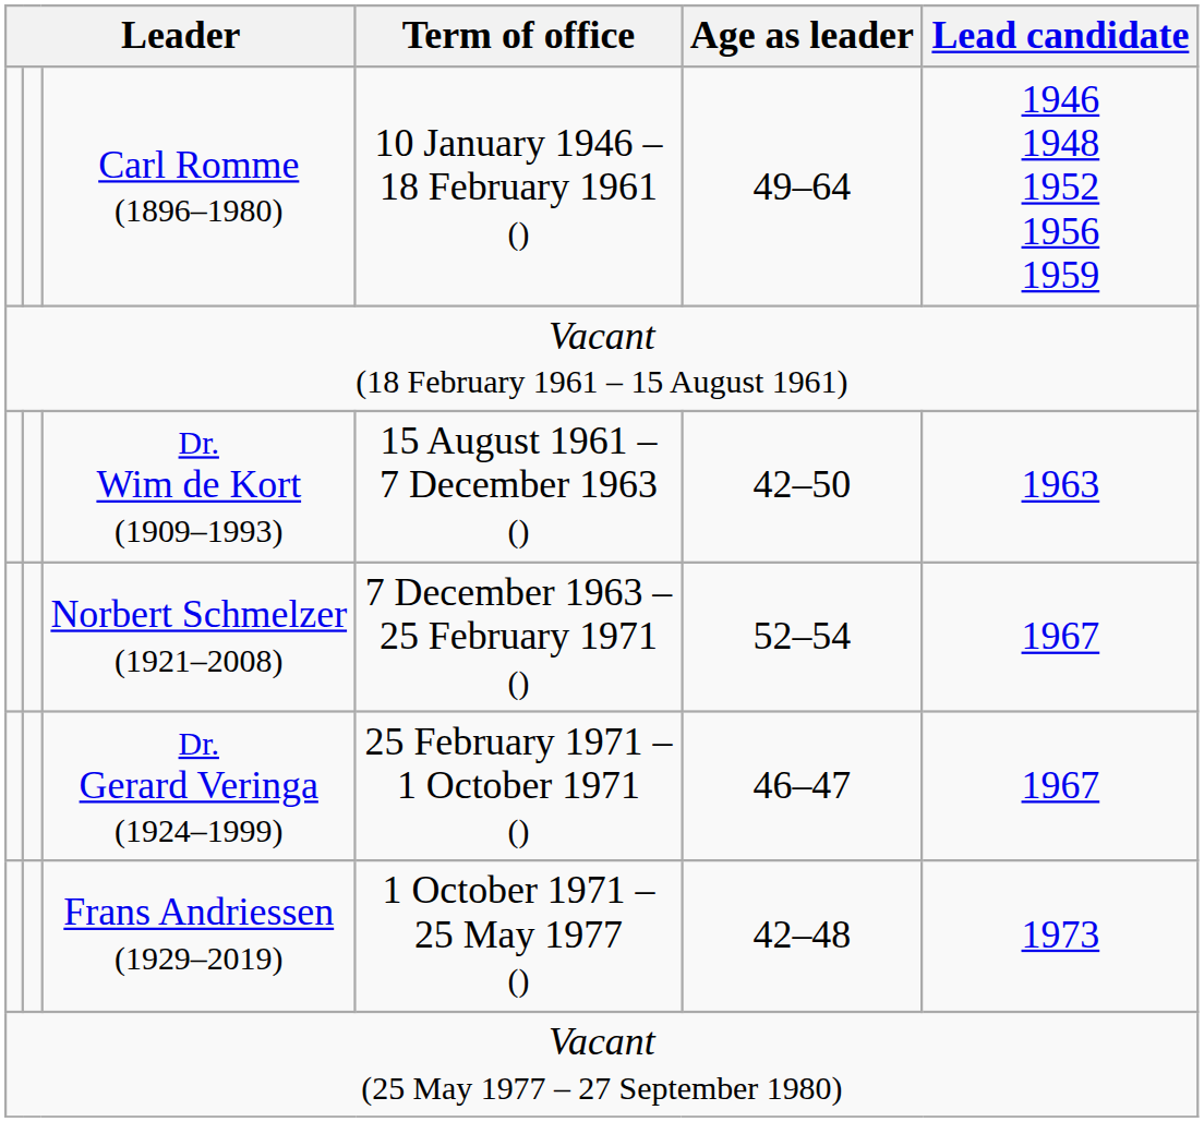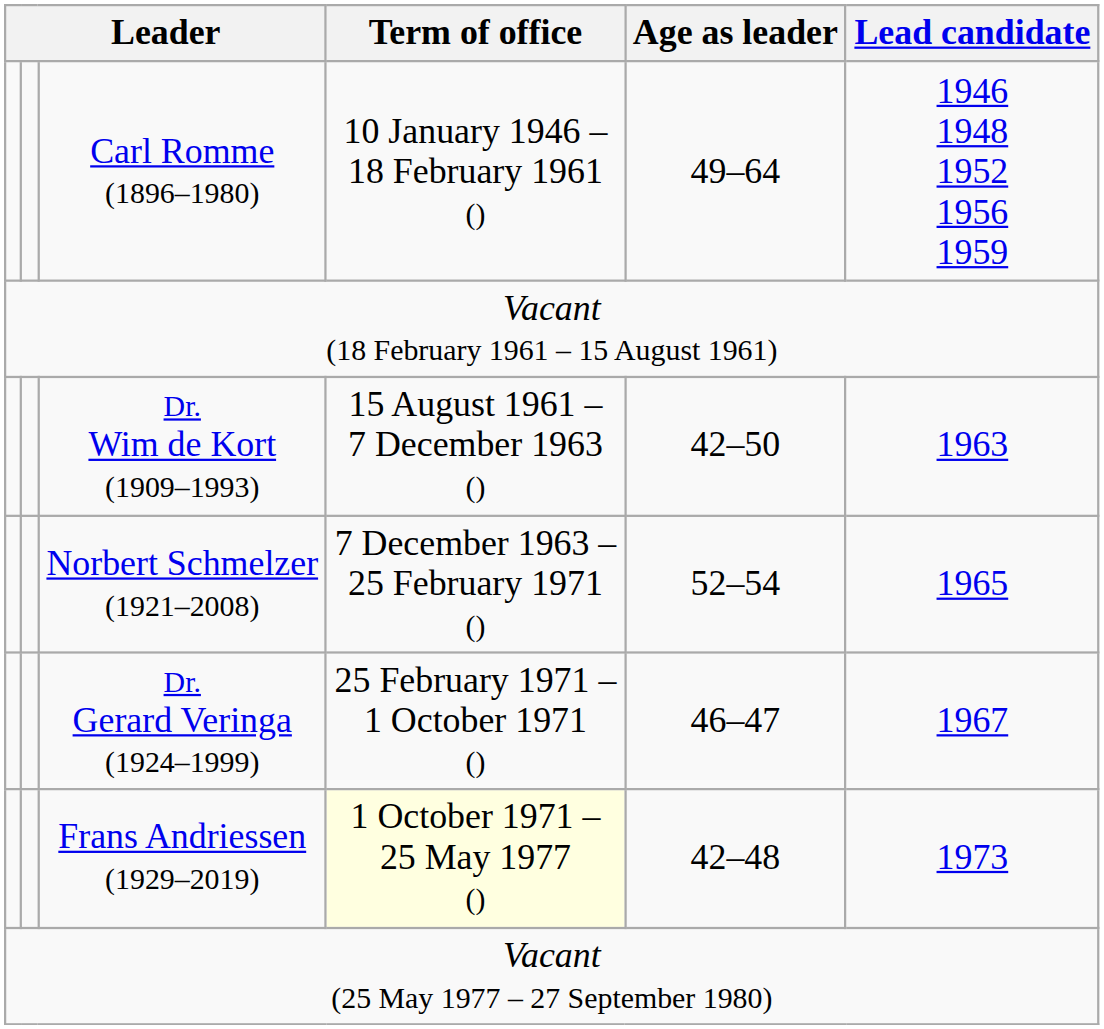 <table class="wikitable" style="text-align:center">
 <tr>
 <th colspan=3>Leader</th>
 <th>Term of office</th>
 <th>Age as leader</th>
 <th><a href='#'>Lead candidate</a></th>
 </tr>
 <tr>
 <td style="background:"></td>
 <td></td>
 <td><a href='#'>Carl Romme</a> <br> <small>(1896–1980)</small></td>
 <td>10 January 1946 – <br> 18 February 1961 <br> <small>()</small> </td>
 <td>49–64</td>
 <td><a href='#'>1946</a> <br> <a href='#'>1948</a> <br> <a href='#'>1952</a> <br> <a href='#'>1956</a> <br> <a href='#'>1959</a></td>
 </tr>
 <tr>
 <td colspan=6><em>Vacant</em> <br> <small>(18 February 1961 – 15 August 1961)</small></td>
 </tr>
 <tr>
 <td style="background:"></td>
 <td></td>
 <td><small><a href='#'>Dr.</a></small> <br> <a href='#'>Wim de Kort</a> <br> <small>(1909–1993)</small></td>
 <td>15 August 1961 – <br> 7 December 1963 <br> <small>()</small> </td>
 <td>42–50</td>
 <td><a href='#'>1963</a></td>
 </tr>
 <tr>
 <td style="background:"></td>
 <td></td>
 <td><a href='#'>Norbert Schmelzer</a> <br> <small>(1921–2008)</small></td>
 <td>7 December 1963 – <br> 25 February 1971 <br> <small>()</small> </td>
 <td>52–54</td>
-<td><a href='#'>1967</a></td>
+<td><a href='#'>1965</a></td>
 </tr>
 <tr>
 <td style="background:"></td>
 <td></td>
 <td><small><a href='#'>Dr.</a></small> <br> <a href='#'>Gerard Veringa</a> <br> <small>(1924–1999)</small></td>
 <td>25 February 1971 – <br> 1 October 1971 <br> <small>()</small> </td>
 <td>46–47</td>
 <td><a href='#'>1967</a></td>
 </tr>
 <tr>
 <td style="background:"></td>
 <td></td>
 <td><a href='#'>Frans Andriessen</a> <br> <small>(1929–2019)</small></td>
-<td>1 October 1971 – <br> 25 May 1977 <br> <small>()</small> </td>
+<td style="background: lightyellow;">1 October 1971 – <br> 25 May 1977 <br> <small>()</small> </td>
 <td>42–48</td>
 <td><a href='#'>1973</a></td>
 </tr>
 <tr>
 <td colspan=6><em>Vacant</em> <br> <small>(25 May 1977 – 27 September 1980)</small></td>
 </tr>
 </table>
